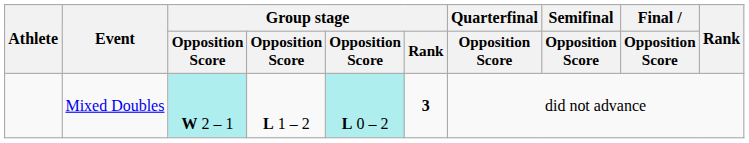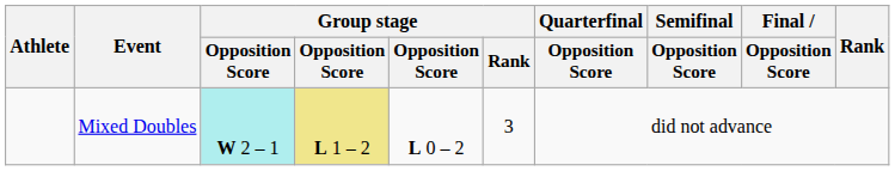 <table class="wikitable" style="font-size:90%">
 <tr>
 <th rowspan=2>Athlete</th>
 <th rowspan=2>Event</th>
 <th colspan=4>Group stage</th>
 <th>Quarterfinal</th>
 <th>Semifinal</th>
 <th>Final / </th>
 <th rowspan=2>Rank</th>
 </tr>
 <tr style="font-size:95%">
 <th>Opposition<br>Score</th>
 <th>Opposition<br>Score</th>
 <th>Opposition<br>Score</th>
 <th>Rank</th>
 <th>Opposition<br>Score</th>
 <th>Opposition<br>Score</th>
 <th>Opposition<br>Score</th>
 </tr>
 <tr align=center>
 <td align=left><br></td>
 <td align=left><a href='#'>Mixed Doubles</a></td>
 <td style="background: paleturquoise;"><br><br><strong>W</strong> 2 – 1</td>
-<td><br><br><strong>L</strong> 1 – 2</td>
-<td style="background: paleturquoise;"><br><br><strong>L</strong> 0 – 2</td>
-<td><strong>3</strong></td>
+<td style="background: khaki;"><br><br><strong>L</strong> 1 – 2</td>
+<td><br><br><strong>L</strong> 0 – 2</td>
+<td>3</td>
 <td colspan=4>did not advance</td>
 </tr>
 </table>
